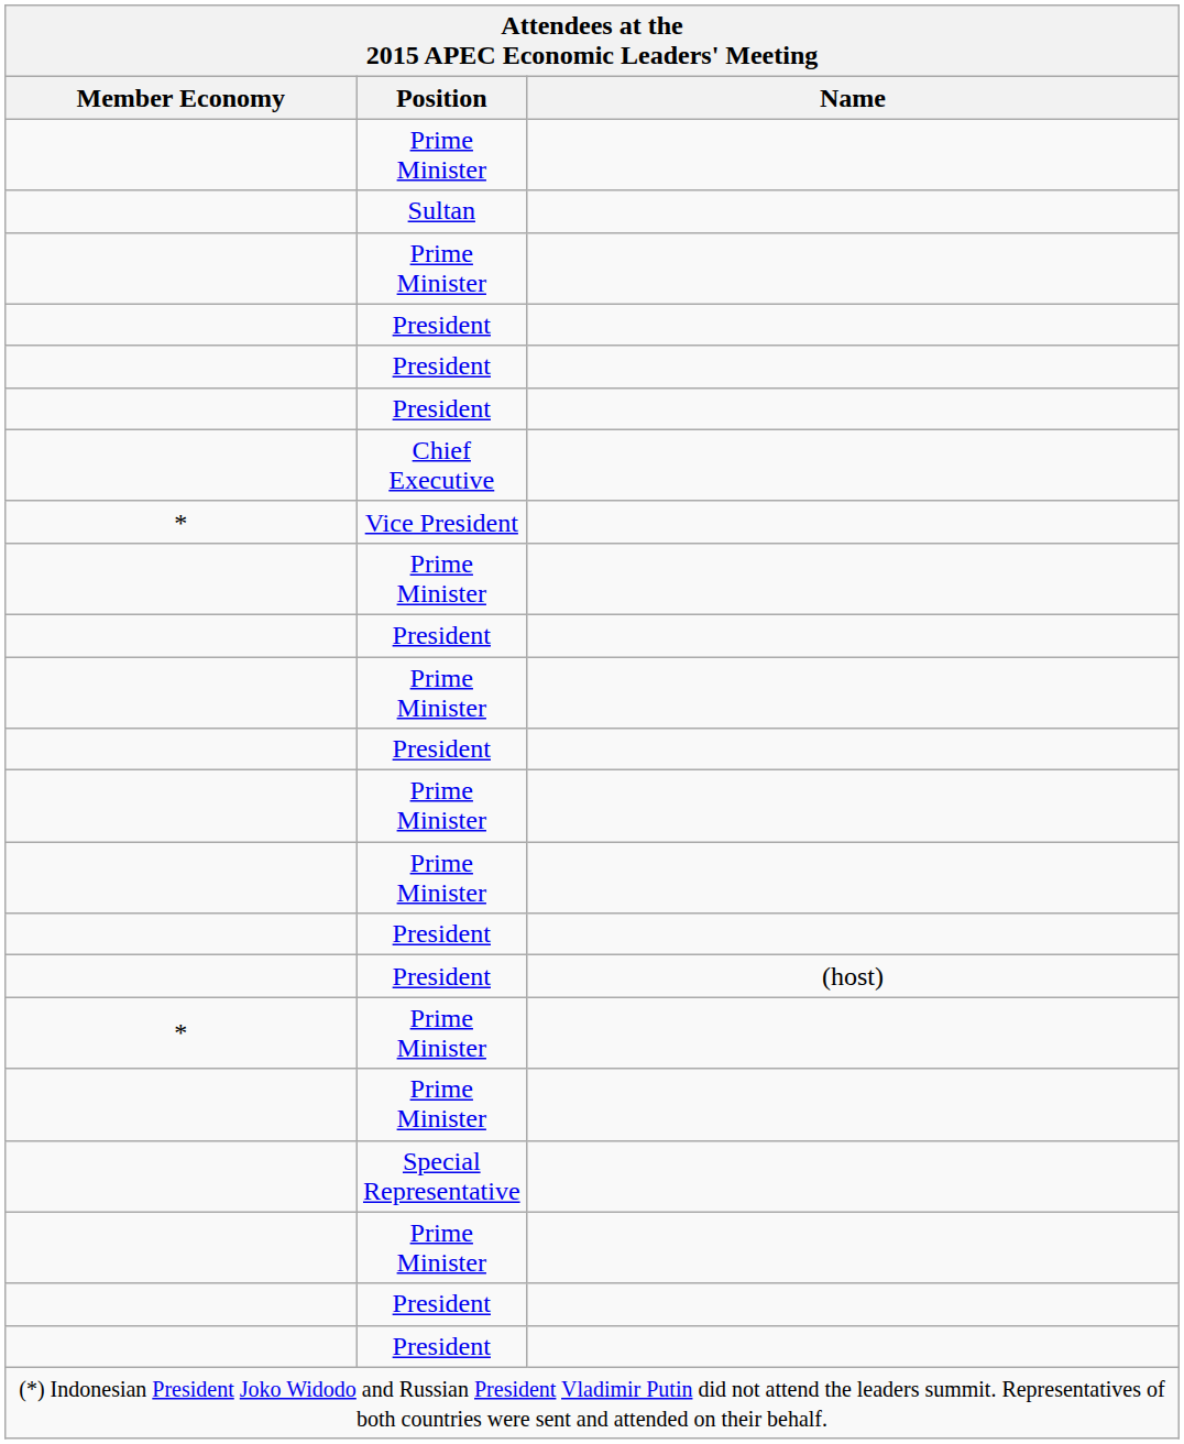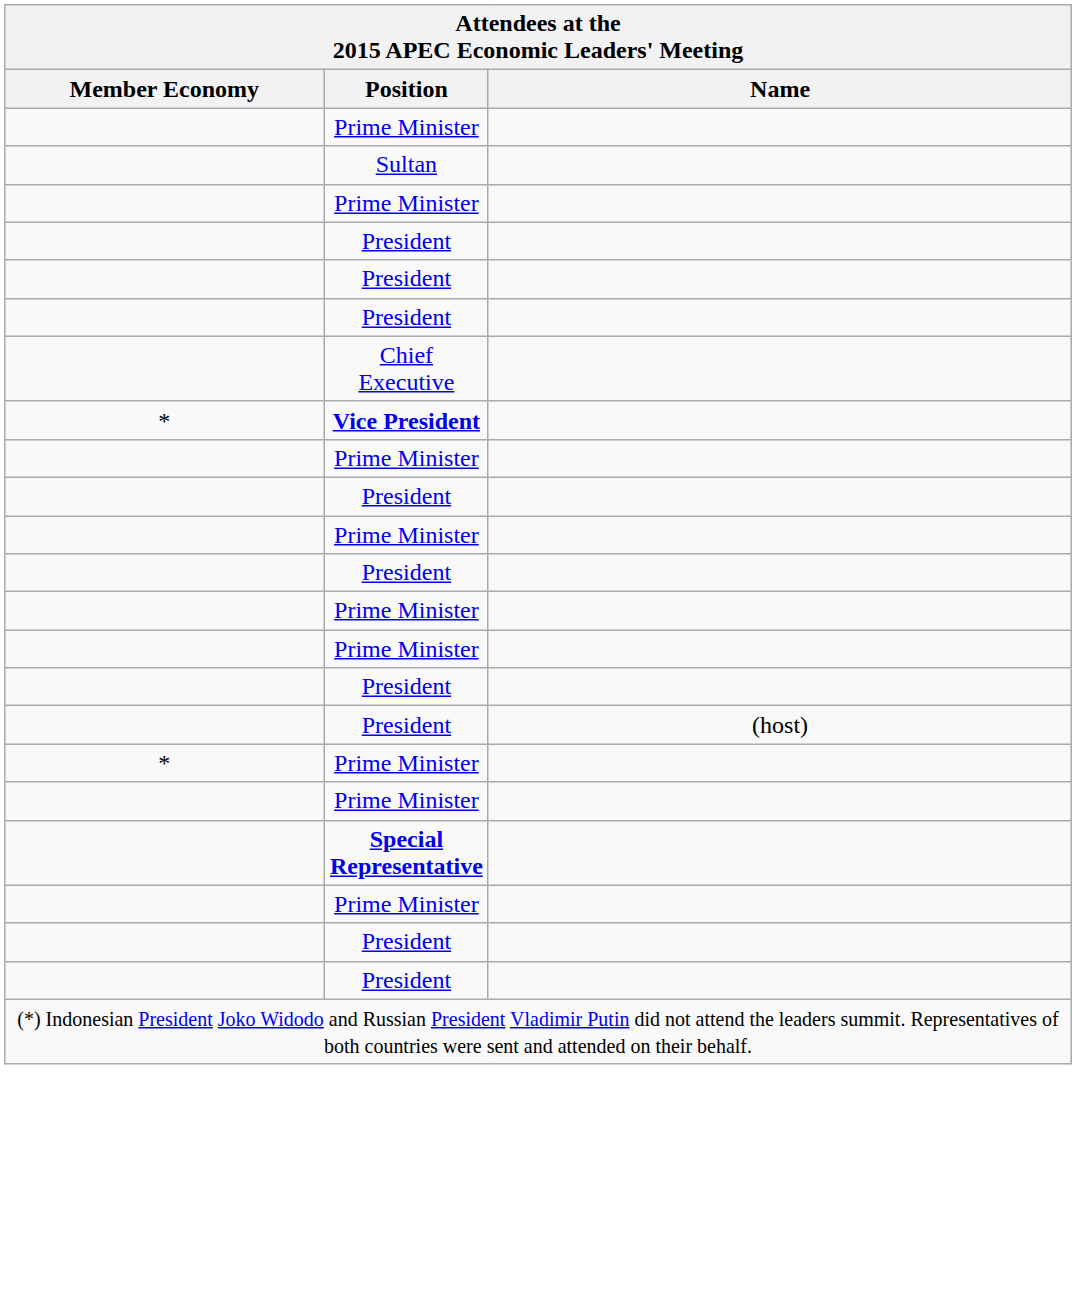 <table class="wikitable collapsible sortable collapsed" style="margin-left: auto; margin-right: auto; text-align:center; width:45%;">
 <tr>
 <th colspan=4>Attendees at the<br> 2015 APEC Economic Leaders' Meeting</th>
 </tr>
 <tr>
 <th width=30%>Member Economy</th>
 <th width=10%>Position</th>
 <th>Name</th>
 </tr>
 <tr>
 <td></td>
 <td><a href='#'>Prime Minister</a></td>
 <td></td>
 </tr>
 <tr>
 <td></td>
 <td><a href='#'>Sultan</a></td>
 <td></td>
 </tr>
 <tr>
 <td></td>
 <td><a href='#'>Prime Minister</a></td>
 <td></td>
 </tr>
 <tr>
 <td></td>
 <td><a href='#'>President</a></td>
 <td></td>
 </tr>
 <tr>
 <td></td>
 <td><a href='#'>President</a></td>
 <td></td>
 </tr>
 <tr>
 <td><br></td>
 <td><a href='#'>President</a></td>
 <td></td>
 </tr>
 <tr>
 <td></td>
 <td><a href='#'>Chief Executive</a></td>
 <td></td>
 </tr>
 <tr>
 <td>*</td>
-<td><a href='#'>Vice President</a></td>
+<td><strong><a href='#'>Vice President</a></strong></td>
 <td></td>
 </tr>
 <tr>
 <td></td>
 <td><a href='#'>Prime Minister</a></td>
 <td></td>
 </tr>
 <tr>
 <td></td>
 <td><a href='#'>President</a></td>
 <td></td>
 </tr>
 <tr>
 <td></td>
 <td><a href='#'>Prime Minister</a></td>
 <td></td>
 </tr>
 <tr>
 <td></td>
 <td><a href='#'>President</a></td>
 <td></td>
 </tr>
 <tr>
 <td></td>
 <td><a href='#'>Prime Minister</a></td>
 <td></td>
 </tr>
 <tr>
 <td></td>
 <td><a href='#'>Prime Minister</a></td>
 <td></td>
 </tr>
 <tr>
 <td></td>
 <td><a href='#'>President</a></td>
 <td></td>
 </tr>
 <tr>
 <td></td>
 <td><a href='#'>President</a></td>
 <td> (host)</td>
 </tr>
 <tr>
 <td>*</td>
 <td><a href='#'>Prime Minister</a></td>
 <td></td>
 </tr>
 <tr>
 <td></td>
 <td><a href='#'>Prime Minister</a></td>
 <td></td>
 </tr>
 <tr>
 <td></td>
-<td><a href='#'>Special Representative</a></td>
+<td><strong><a href='#'>Special Representative</a></strong></td>
 <td></td>
 </tr>
 <tr>
 <td></td>
 <td><a href='#'>Prime Minister</a></td>
 <td></td>
 </tr>
 <tr>
 <td></td>
 <td><a href='#'>President</a></td>
 <td></td>
 </tr>
 <tr>
 <td></td>
 <td><a href='#'>President</a></td>
 <td></td>
 </tr>
 <tr class="sortbottom">
 <td colspan=3><small>(*) Indonesian <a href='#'>President</a> <a href='#'>Joko Widodo</a> and Russian <a href='#'>President</a> <a href='#'>Vladimir Putin</a> did not attend the leaders summit. Representatives of both countries were sent and attended on their behalf.</small></td>
 </tr>
 </table>
